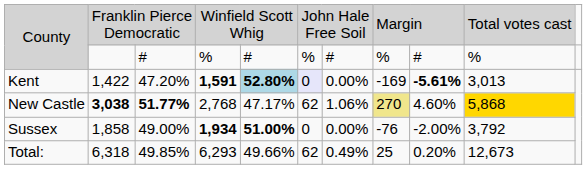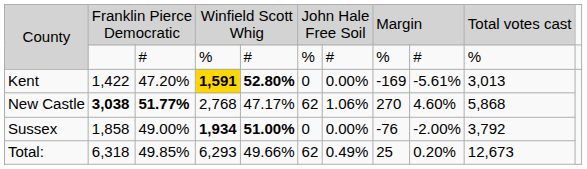 <table class="wikitable">
 <tr bgcolor=lightgrey>
 <td rowspan="2" colspan="1" style="text-align:center">County</td>
 <td colspan="2" rowspan="1" style="text-align:center" >Franklin Pierce<br>Democratic</td>
 <td colspan="2" rowspan="1"style="text-align:center"  >Winfield Scott<br>Whig</td>
 <td colspan="2" rowspan="1" style="text-align:center" >John Hale<br>Free Soil</td>
 <td colspan="2" rowspan="1">Margin</td>
 <td>Total votes cast</td>
 </tr>
 <tr>
 <td></td>
 <td>#</td>
 <td>%</td>
 <td>#</td>
 <td>%</td>
 <td>#</td>
 <td>%</td>
 <td>#</td>
 <td>%</td>
 <td></td>
 </tr>
 <tr>
 <td>Kent</td>
 <td>1,422</td>
 <td>47.20%</td>
-<td><strong>1,591</strong></td>
-<td style="background: lightblue;"><strong>52.80%</strong></td>
-<td style="background: lavender;">0</td>
+<td style="background: gold;"><strong>1,591</strong></td>
+<td><strong>52.80%</strong></td>
+<td>0</td>
 <td>0.00%</td>
 <td>-169</td>
-<td><strong>-5.61%</strong></td>
+<td>-5.61%</td>
 <td>3,013</td>
 </tr>
 <tr>
 <td>New Castle</td>
 <td><strong>3,038</strong></td>
 <td><strong>51.77%</strong></td>
 <td>2,768</td>
 <td>47.17%</td>
 <td>62</td>
 <td>1.06%</td>
-<td style="background: khaki;">270</td>
+<td>270</td>
 <td>4.60%</td>
-<td style="background: gold;">5,868</td>
+<td>5,868</td>
 </tr>
 <tr>
 <td>Sussex</td>
 <td>1,858</td>
 <td>49.00%</td>
 <td><strong>1,934</strong></td>
 <td><strong>51.00%</strong></td>
 <td>0</td>
 <td>0.00%</td>
 <td>-76</td>
 <td>-2.00%</td>
 <td>3,792</td>
 </tr>
 <tr>
 <td>Total:</td>
 <td>6,318</td>
 <td>49.85%</td>
 <td>6,293</td>
 <td>49.66%</td>
 <td>62</td>
 <td>0.49%</td>
 <td>25</td>
 <td>0.20%</td>
 <td>12,673</td>
 </tr>
 </table>
